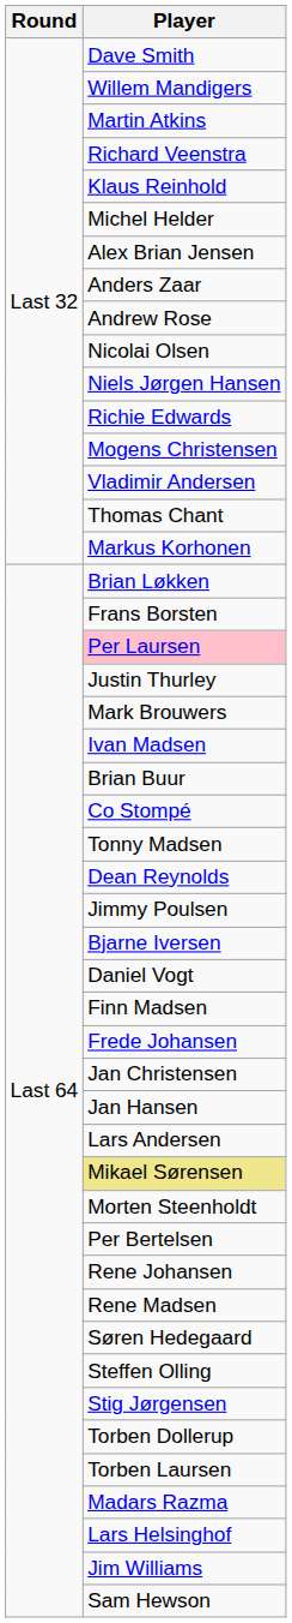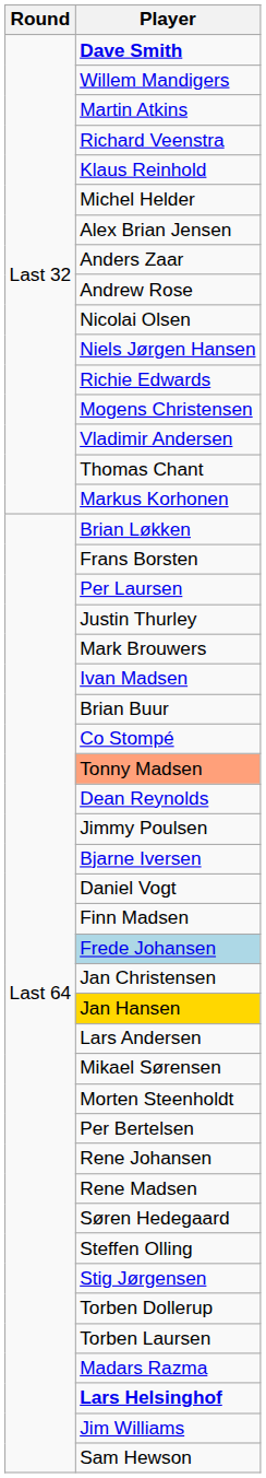 <table class="wikitable">
 <tr>
 <th>Round</th>
 <th>Player</th>
 </tr>
 <tr>
 <td rowspan="16">Last 32</td>
-<td> <a href='#'>Dave Smith</a></td>
+<td><strong> <a href='#'>Dave Smith</a></strong></td>
 </tr>
 <tr>
 <td> <a href='#'>Willem Mandigers</a></td>
 </tr>
 <tr>
 <td> <a href='#'>Martin Atkins</a></td>
 </tr>
 <tr>
 <td> <a href='#'>Richard Veenstra</a></td>
 </tr>
 <tr>
 <td> <a href='#'>Klaus Reinhold</a></td>
 </tr>
 <tr>
 <td> Michel Helder</td>
 </tr>
 <tr>
 <td> Alex Brian Jensen</td>
 </tr>
 <tr>
 <td> Anders Zaar</td>
 </tr>
 <tr>
 <td> Andrew Rose</td>
 </tr>
 <tr>
 <td> Nicolai Olsen</td>
 </tr>
 <tr>
 <td> <a href='#'>Niels Jørgen Hansen</a></td>
 </tr>
 <tr>
 <td> <a href='#'>Richie Edwards</a></td>
 </tr>
 <tr>
 <td> <a href='#'>Mogens Christensen</a></td>
 </tr>
 <tr>
 <td> <a href='#'>Vladimir Andersen</a></td>
 </tr>
 <tr>
 <td> Thomas Chant</td>
 </tr>
 <tr>
 <td> <a href='#'>Markus Korhonen</a></td>
 </tr>
 <tr>
 <td rowspan="32">Last 64</td>
 <td> <a href='#'>Brian Løkken</a></td>
 </tr>
 <tr>
 <td> Frans Borsten</td>
 </tr>
 <tr>
-<td style="background: pink;"> <a href='#'>Per Laursen</a></td>
+<td> <a href='#'>Per Laursen</a></td>
 </tr>
 <tr>
 <td> Justin Thurley</td>
 </tr>
 <tr>
 <td> Mark Brouwers</td>
 </tr>
 <tr>
 <td> <a href='#'>Ivan Madsen</a></td>
 </tr>
 <tr>
 <td> Brian Buur</td>
 </tr>
 <tr>
 <td> <a href='#'>Co Stompé</a></td>
 </tr>
 <tr>
-<td> Tonny Madsen</td>
+<td style="background: lightsalmon;"> Tonny Madsen</td>
 </tr>
 <tr>
 <td> <a href='#'>Dean Reynolds</a></td>
 </tr>
 <tr>
 <td> Jimmy Poulsen</td>
 </tr>
 <tr>
 <td> <a href='#'>Bjarne Iversen</a></td>
 </tr>
 <tr>
 <td> Daniel Vogt</td>
 </tr>
 <tr>
 <td> Finn Madsen</td>
 </tr>
 <tr>
-<td> <a href='#'>Frede Johansen</a></td>
+<td style="background: lightblue;"> <a href='#'>Frede Johansen</a></td>
 </tr>
 <tr>
 <td> Jan Christensen</td>
 </tr>
 <tr>
-<td> Jan Hansen</td>
+<td style="background: gold;"> Jan Hansen</td>
 </tr>
 <tr>
 <td> Lars Andersen</td>
 </tr>
 <tr>
-<td style="background: khaki;"> Mikael Sørensen</td>
+<td> Mikael Sørensen</td>
 </tr>
 <tr>
 <td> Morten Steenholdt</td>
 </tr>
 <tr>
 <td> Per Bertelsen</td>
 </tr>
 <tr>
 <td> Rene Johansen</td>
 </tr>
 <tr>
 <td> Rene Madsen</td>
 </tr>
 <tr>
 <td> Søren Hedegaard</td>
 </tr>
 <tr>
 <td> Steffen Olling</td>
 </tr>
 <tr>
 <td> <a href='#'>Stig Jørgensen</a></td>
 </tr>
 <tr>
 <td> Torben Dollerup</td>
 </tr>
 <tr>
 <td> Torben Laursen</td>
 </tr>
 <tr>
 <td> <a href='#'>Madars Razma</a></td>
 </tr>
 <tr>
-<td> <a href='#'>Lars Helsinghof</a></td>
+<td><strong> <a href='#'>Lars Helsinghof</a></strong></td>
 </tr>
 <tr>
 <td> <a href='#'>Jim Williams</a></td>
 </tr>
 <tr>
 <td> Sam Hewson</td>
 </tr>
 </table>
